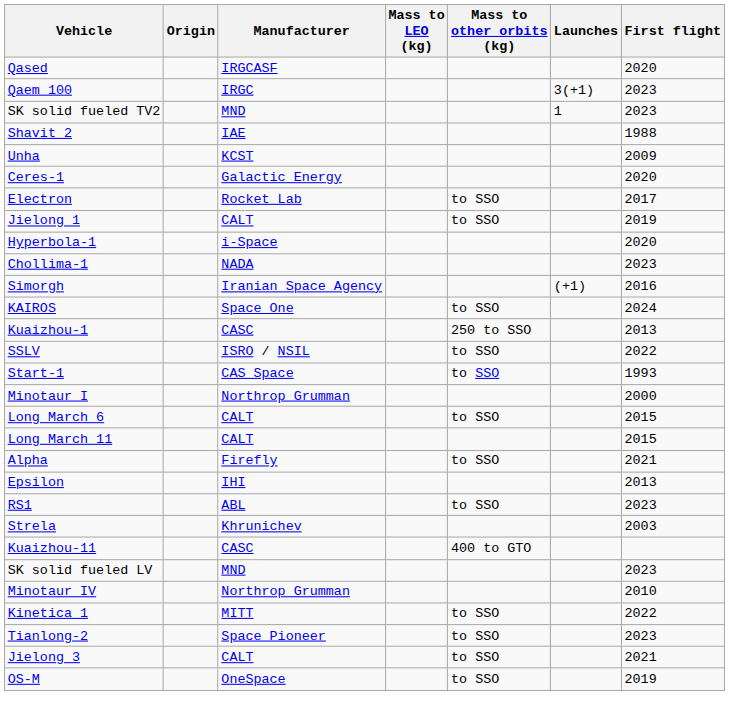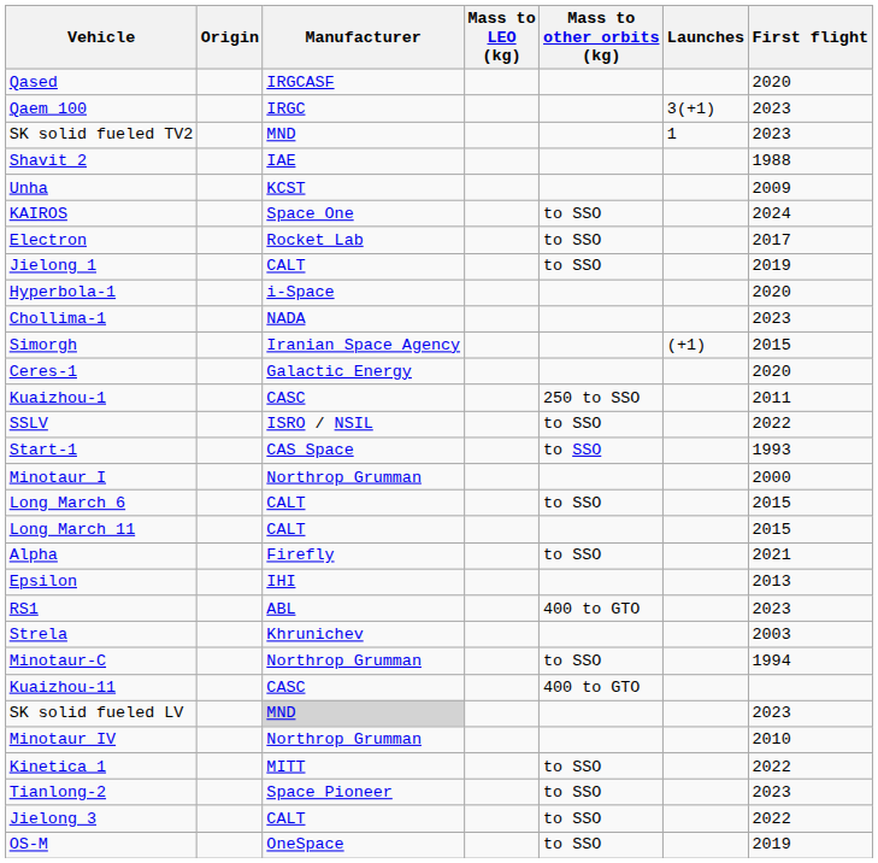 <table class="wikitable sortable sticky-header sort-under">
 <tr>
 <th>Vehicle</th>
 <th>Origin</th>
 <th>Manufacturer</th>
 <th>Mass to<br><a href='#'>LEO</a><br>(kg)</th>
 <th>Mass to<br><a href='#'>other orbits</a><br>(kg)</th>
 <th>Launches</th>
 <th>First flight</th>
 </tr>
 <tr>
 <td><a href='#'>Qased</a></td>
 <td></td>
 <td><a href='#'>IRGCASF</a></td>
 <td></td>
 <td></td>
 <td></td>
 <td>2020</td>
 </tr>
 <tr>
 <td><a href='#'>Qaem 100</a></td>
 <td></td>
 <td><a href='#'>IRGC</a></td>
 <td></td>
 <td></td>
 <td>3(+1)</td>
 <td>2023</td>
 </tr>
 <tr>
 <td>SK solid fueled TV2</td>
 <td></td>
 <td><a href='#'>MND</a></td>
 <td></td>
 <td></td>
 <td>1</td>
 <td>2023</td>
 </tr>
 <tr>
 <td><a href='#'>Shavit 2</a></td>
 <td></td>
 <td><a href='#'>IAE</a></td>
 <td></td>
 <td></td>
 <td></td>
 <td>1988</td>
 </tr>
 <tr>
 <td><a href='#'>Unha</a></td>
 <td></td>
 <td><a href='#'>KCST</a></td>
 <td></td>
 <td></td>
 <td></td>
 <td>2009</td>
 </tr>
 <tr>
-<td><a href='#'>Ceres-1</a></td>
+<td><a href='#'>KAIROS</a></td>
 <td></td>
-<td><a href='#'>Galactic Energy</a></td>
+<td><a href='#'>Space One</a></td>
 <td></td>
+<td> to SSO</td>
 <td></td>
-<td></td>
-<td>2020</td>
+<td>2024</td>
 </tr>
 <tr>
 <td><a href='#'>Electron</a></td>
 <td><br></td>
 <td><a href='#'>Rocket Lab</a></td>
 <td></td>
 <td> to SSO</td>
 <td></td>
 <td>2017</td>
 </tr>
 <tr>
 <td><a href='#'>Jielong 1</a></td>
 <td></td>
 <td><a href='#'>CALT</a></td>
 <td></td>
 <td> to SSO</td>
 <td></td>
 <td>2019</td>
 </tr>
 <tr>
 <td><a href='#'>Hyperbola-1</a></td>
 <td></td>
 <td><a href='#'>i-Space</a></td>
 <td></td>
 <td></td>
 <td></td>
 <td>2020</td>
 </tr>
 <tr>
 <td><a href='#'>Chollima-1</a></td>
 <td></td>
 <td><a href='#'>NADA</a></td>
 <td></td>
 <td></td>
 <td></td>
 <td>2023</td>
 </tr>
 <tr>
 <td><a href='#'>Simorgh</a></td>
 <td></td>
 <td><a href='#'>Iranian Space Agency</a></td>
 <td></td>
 <td></td>
 <td>(+1)</td>
-<td>2016</td>
+<td>2015</td>
 </tr>
 <tr>
-<td><a href='#'>KAIROS</a></td>
+<td><a href='#'>Ceres-1</a></td>
 <td></td>
-<td><a href='#'>Space One</a></td>
+<td><a href='#'>Galactic Energy</a></td>
 <td></td>
-<td> to SSO</td>
 <td></td>
-<td>2024</td>
+<td></td>
+<td>2020</td>
 </tr>
 <tr>
 <td><a href='#'>Kuaizhou-1</a></td>
 <td></td>
 <td><a href='#'>CASC</a></td>
 <td></td>
 <td>250 to SSO</td>
 <td></td>
-<td>2013</td>
+<td>2011</td>
 </tr>
 <tr>
 <td><a href='#'>SSLV</a></td>
 <td></td>
 <td><a href='#'>ISRO</a> / <a href='#'>NSIL</a></td>
 <td></td>
 <td> to SSO</td>
 <td></td>
 <td>2022</td>
 </tr>
 <tr>
 <td><a href='#'>Start-1</a></td>
 <td></td>
 <td><a href='#'>CAS Space</a></td>
 <td></td>
 <td> to <a href='#'>SSO</a></td>
 <td></td>
 <td>1993</td>
 </tr>
 <tr>
 <td><a href='#'>Minotaur I</a></td>
 <td></td>
 <td><a href='#'>Northrop Grumman</a></td>
 <td></td>
 <td></td>
 <td></td>
 <td>2000</td>
 </tr>
 <tr>
 <td><a href='#'>Long March 6</a></td>
 <td></td>
 <td><a href='#'>CALT</a></td>
 <td></td>
 <td> to SSO</td>
 <td></td>
 <td>2015</td>
 </tr>
 <tr>
 <td><a href='#'>Long March 11</a></td>
 <td></td>
 <td><a href='#'>CALT</a></td>
 <td></td>
 <td></td>
 <td></td>
 <td>2015</td>
 </tr>
 <tr>
 <td><a href='#'>Alpha</a></td>
 <td></td>
 <td><a href='#'>Firefly</a></td>
 <td></td>
 <td> to SSO</td>
 <td></td>
 <td>2021</td>
 </tr>
 <tr style="style=">
 <td><a href='#'>Epsilon</a></td>
 <td></td>
 <td><a href='#'>IHI</a></td>
 <td></td>
 <td></td>
 <td></td>
 <td>2013</td>
 </tr>
 <tr>
 <td><a href='#'>RS1</a></td>
 <td></td>
 <td><a href='#'>ABL</a></td>
 <td></td>
-<td> to SSO</td>
+<td>400 to GTO</td>
 <td></td>
 <td>2023</td>
 </tr>
 <tr>
 <td><a href='#'>Strela</a></td>
 <td></td>
 <td><a href='#'>Khrunichev</a></td>
 <td></td>
 <td></td>
 <td></td>
 <td>2003</td>
 </tr>
 <tr>
+<td><a href='#'>Minotaur-C</a></td>
+<td></td>
+<td><a href='#'>Northrop Grumman</a></td>
+<td></td>
+<td> to SSO</td>
+<td></td>
+<td>1994</td>
+</tr>
+<tr>
 <td><a href='#'>Kuaizhou-11</a></td>
 <td></td>
 <td><a href='#'>CASC</a></td>
 <td></td>
 <td>400 to GTO</td>
 <td></td>
 <td></td>
 </tr>
 <tr>
 <td>SK solid fueled LV</td>
 <td></td>
-<td><a href='#'>MND</a></td>
+<td style="background: lightgrey;"><a href='#'>MND</a></td>
 <td></td>
 <td></td>
 <td></td>
 <td>2023</td>
 </tr>
 <tr>
 <td><a href='#'>Minotaur IV</a></td>
 <td></td>
 <td><a href='#'>Northrop Grumman</a></td>
 <td></td>
 <td></td>
 <td></td>
 <td>2010</td>
 </tr>
 <tr>
 <td><a href='#'>Kinetica 1</a></td>
 <td></td>
 <td><a href='#'>MITT</a></td>
 <td></td>
 <td> to SSO</td>
 <td></td>
 <td>2022</td>
 </tr>
 <tr>
 <td><a href='#'>Tianlong-2</a></td>
 <td></td>
 <td><a href='#'>Space Pioneer</a></td>
 <td></td>
 <td> to SSO</td>
 <td></td>
 <td>2023</td>
 </tr>
 <tr>
 <td><a href='#'>Jielong 3</a></td>
 <td></td>
 <td><a href='#'>CALT</a></td>
 <td></td>
 <td> to SSO</td>
 <td></td>
-<td>2021</td>
+<td>2022</td>
 </tr>
 <tr>
 <td><a href='#'>OS-M</a></td>
 <td></td>
 <td><a href='#'>OneSpace</a></td>
 <td></td>
 <td> to SSO</td>
 <td></td>
 <td>2019</td>
 </tr>
 </table>
